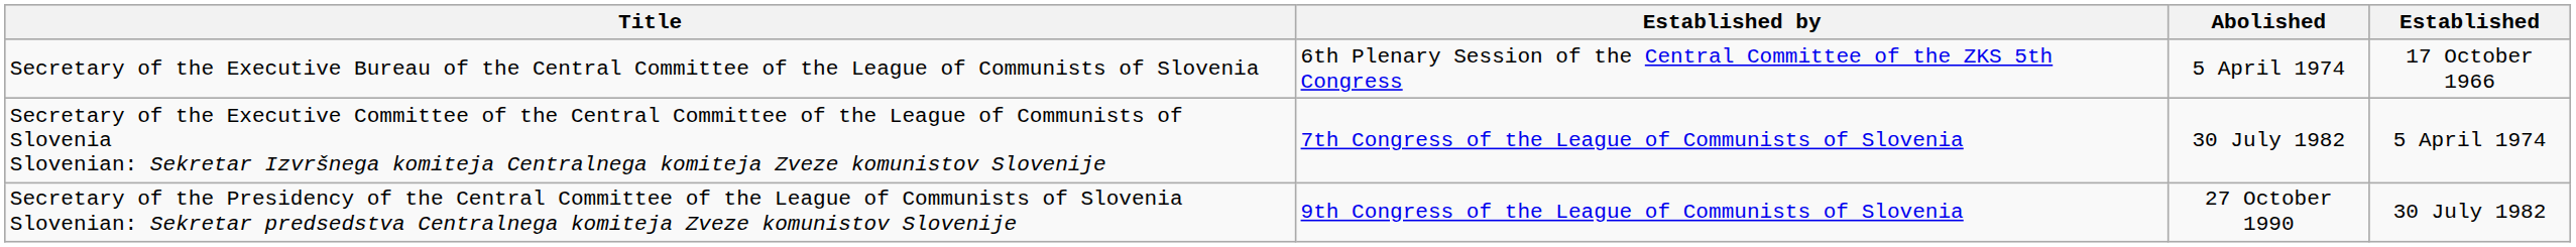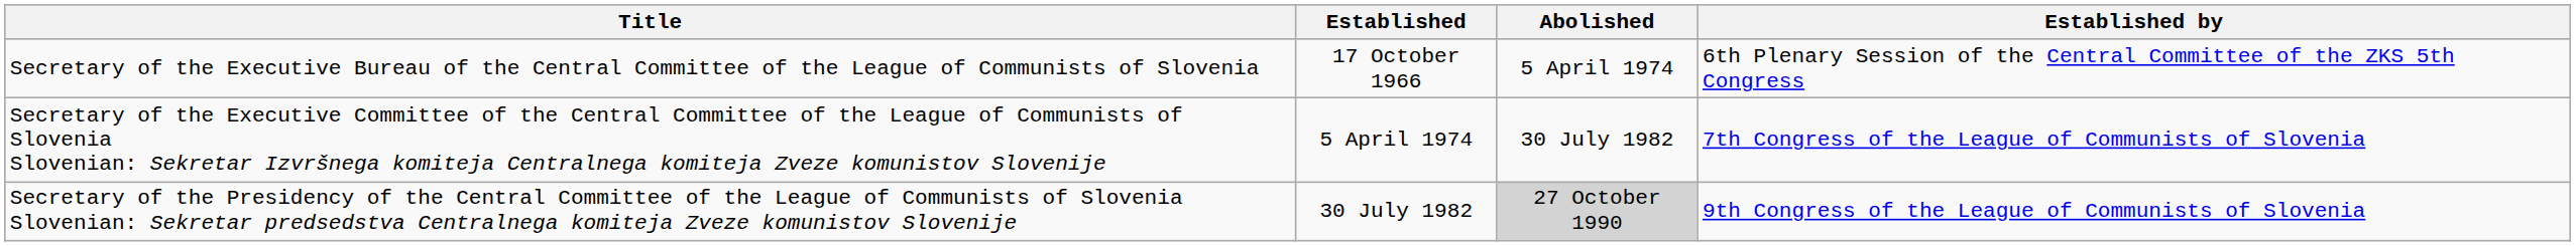 <table class="wikitable sortable">
 <tr>
 <th scope=col>Title</th>
+<th scope=col>Established</th>
+<th scope=col>Abolished</th>
 <th scope=col>Established by</th>
-<th scope=col>Abolished</th>
-<th scope=col>Established</th>
 </tr>
 <tr>
 <td>Secretary of the Executive Bureau of the Central Committee of the League of Communists of Slovenia<br></td>
+<td align="center">17 October 1966</td>
+<td align="center">5 April 1974</td>
 <td>6th Plenary Session of the <a href='#'>Central Committee of the ZKS 5th Congress</a></td>
-<td align="center">5 April 1974</td>
-<td align="center">17 October 1966</td>
 </tr>
 <tr>
 <td>Secretary of the Executive Committee of the Central Committee of the League of Communists of Slovenia<br>Slovenian: <em>Sekretar Izvršnega komiteja Centralnega komiteja Zveze komunistov Slovenije</em></td>
+<td align="center">5 April 1974</td>
+<td align="center">30 July 1982</td>
 <td><a href='#'>7th Congress of the League of Communists of Slovenia</a></td>
-<td align="center">30 July 1982</td>
-<td align="center">5 April 1974</td>
 </tr>
 <tr>
 <td>Secretary of the Presidency of the Central Committee of the League of Communists of Slovenia<br>Slovenian: <em>Sekretar predsedstva Centralnega komiteja Zveze komunistov Slovenije</em></td>
+<td align="center">30 July 1982</td>
+<td align="center" style="background: lightgrey;">27 October 1990</td>
 <td><a href='#'>9th Congress of the League of Communists of Slovenia</a></td>
-<td align="center">27 October 1990</td>
-<td align="center">30 July 1982</td>
 </tr>
 </table>
